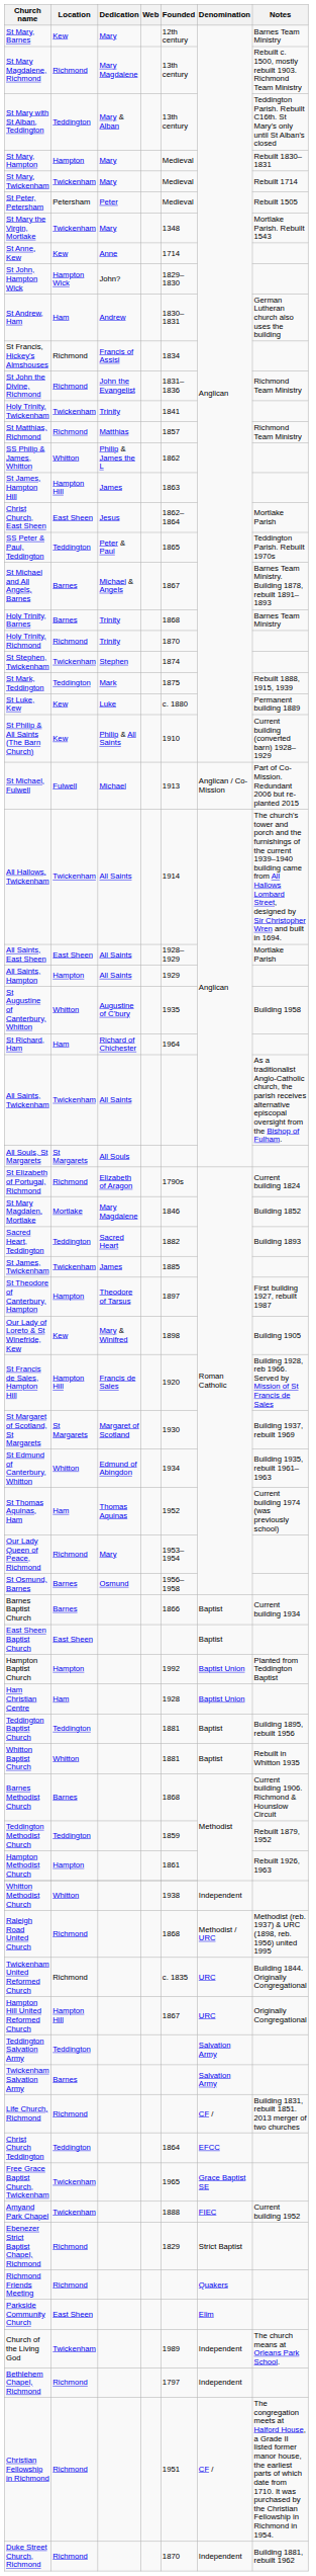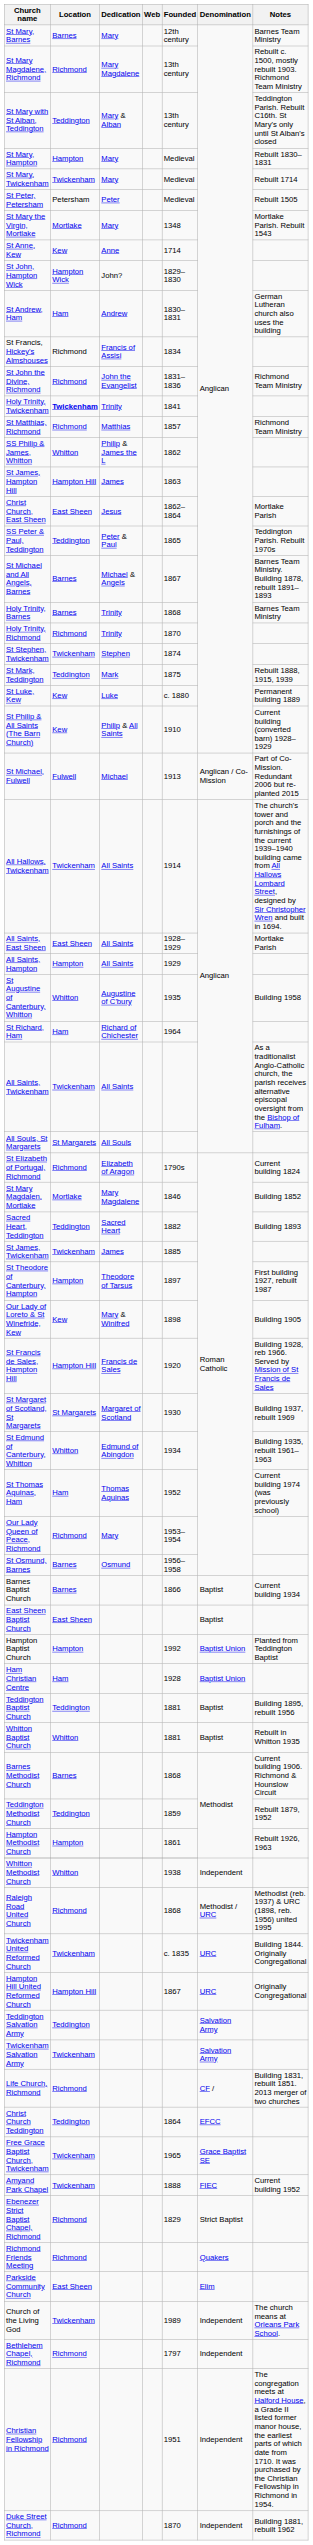 <table class="wikitable sortable">
 <tr>
 <th>Church name</th>
 <th>Location</th>
 <th>Dedication</th>
 <th>Web</th>
 <th>Founded</th>
 <th>Denomination</th>
 <th>Notes</th>
 </tr>
 <tr>
 <td><a href='#'>St Mary, Barnes</a></td>
-<td><a href='#'>Kew</a></td>
+<td><a href='#'>Barnes</a></td>
 <td><a href='#'>Mary</a></td>
 <td></td>
 <td>12th century</td>
 <td rowspan="25">Anglican</td>
 <td>Barnes Team Ministry</td>
 </tr>
 <tr>
 <td><a href='#'>St Mary Magdalene, Richmond</a></td>
 <td><a href='#'>Richmond</a></td>
 <td><a href='#'>Mary Magdalene</a></td>
 <td></td>
 <td>13th century</td>
 <td>Rebuilt c. 1500, mostly rebuilt 1903. Richmond Team Ministry</td>
 </tr>
 <tr>
 <td><a href='#'>St Mary with St Alban, Teddington</a></td>
 <td><a href='#'>Teddington</a></td>
 <td><a href='#'>Mary</a> & <a href='#'>Alban</a></td>
 <td></td>
 <td>13th century</td>
 <td>Teddington Parish. Rebuilt C16th. St Mary's only until St Alban's closed</td>
 </tr>
 <tr>
 <td><a href='#'>St Mary, Hampton</a></td>
 <td><a href='#'>Hampton</a></td>
 <td><a href='#'>Mary</a></td>
 <td></td>
 <td>Medieval</td>
 <td>Rebuilt 1830–1831</td>
 </tr>
 <tr>
 <td><a href='#'>St Mary, Twickenham</a></td>
 <td><a href='#'>Twickenham</a></td>
 <td><a href='#'>Mary</a></td>
 <td></td>
 <td>Medieval</td>
 <td>Rebuilt 1714</td>
 </tr>
 <tr>
 <td><a href='#'>St Peter, Petersham</a></td>
 <td>Petersham</td>
 <td><a href='#'>Peter</a></td>
 <td></td>
 <td>Medieval</td>
 <td>Rebuilt 1505</td>
 </tr>
 <tr>
 <td><a href='#'>St Mary the Virgin, Mortlake</a></td>
-<td><a href='#'>Twickenham</a></td>
+<td><a href='#'>Mortlake</a></td>
 <td><a href='#'>Mary</a></td>
 <td></td>
 <td>1348</td>
 <td>Mortlake Parish. Rebuilt 1543</td>
 </tr>
 <tr>
 <td><a href='#'>St Anne, Kew</a></td>
 <td><a href='#'>Kew</a></td>
 <td><a href='#'>Anne</a></td>
 <td></td>
 <td>1714</td>
 <td></td>
 </tr>
 <tr>
 <td><a href='#'>St John, Hampton Wick</a></td>
 <td><a href='#'>Hampton Wick</a></td>
 <td>John?</td>
 <td></td>
 <td>1829–1830</td>
 <td></td>
 </tr>
 <tr>
 <td><a href='#'>St Andrew, Ham</a></td>
 <td><a href='#'>Ham</a></td>
 <td><a href='#'>Andrew</a></td>
 <td></td>
 <td>1830–1831</td>
 <td>German Lutheran church also uses the building</td>
 </tr>
 <tr>
 <td>St Francis, <a href='#'>Hickey's Almshouses</a></td>
 <td>Richmond</td>
 <td><a href='#'>Francis of Assisi</a></td>
 <td></td>
 <td>1834</td>
 <td></td>
 </tr>
 <tr>
 <td><a href='#'>St John the Divine, Richmond</a></td>
 <td><a href='#'>Richmond</a></td>
 <td><a href='#'>John the Evangelist</a></td>
 <td></td>
 <td>1831–1836</td>
 <td>Richmond Team Ministry</td>
 </tr>
 <tr>
 <td><a href='#'>Holy Trinity, Twickenham</a></td>
-<td><a href='#'>Twickenham</a></td>
+<td><strong><a href='#'>Twickenham</a></strong></td>
 <td><a href='#'>Trinity</a></td>
 <td></td>
 <td>1841</td>
 <td></td>
 </tr>
 <tr>
 <td><a href='#'>St Matthias, Richmond</a></td>
 <td><a href='#'>Richmond</a></td>
 <td><a href='#'>Matthias</a></td>
 <td></td>
 <td>1857</td>
 <td>Richmond Team Ministry</td>
 </tr>
 <tr>
 <td><a href='#'>SS Philip & James, Whitton</a></td>
 <td><a href='#'>Whitton</a></td>
 <td><a href='#'>Philip</a> & <a href='#'>James the L</a></td>
 <td></td>
 <td>1862</td>
 <td></td>
 </tr>
 <tr>
 <td><a href='#'>St James, Hampton Hill</a></td>
 <td><a href='#'>Hampton Hill</a></td>
 <td><a href='#'>James</a></td>
 <td></td>
 <td>1863</td>
 <td></td>
 </tr>
 <tr>
 <td><a href='#'>Christ Church, East Sheen</a></td>
 <td><a href='#'>East Sheen</a></td>
 <td><a href='#'>Jesus</a></td>
 <td></td>
 <td>1862–1864</td>
 <td>Mortlake Parish</td>
 </tr>
 <tr>
 <td><a href='#'>SS Peter & Paul, Teddington</a></td>
 <td><a href='#'>Teddington</a></td>
 <td><a href='#'>Peter</a> & <a href='#'>Paul</a></td>
 <td></td>
 <td>1865</td>
 <td>Teddington Parish. Rebuilt 1970s</td>
 </tr>
 <tr>
 <td><a href='#'>St Michael and All Angels, Barnes</a></td>
 <td><a href='#'>Barnes</a></td>
 <td><a href='#'>Michael</a> & <a href='#'>Angels</a></td>
 <td></td>
 <td>1867</td>
 <td>Barnes Team Ministry. Building 1878, rebuilt 1891–1893</td>
 </tr>
 <tr>
 <td><a href='#'>Holy Trinity, Barnes</a></td>
 <td><a href='#'>Barnes</a></td>
 <td><a href='#'>Trinity</a></td>
 <td></td>
 <td>1868</td>
 <td>Barnes Team Ministry</td>
 </tr>
 <tr>
 <td><a href='#'>Holy Trinity, Richmond</a></td>
 <td><a href='#'>Richmond</a></td>
 <td><a href='#'>Trinity</a></td>
 <td></td>
 <td>1870</td>
 <td></td>
 </tr>
 <tr>
 <td><a href='#'>St Stephen, Twickenham</a></td>
 <td><a href='#'>Twickenham</a></td>
 <td><a href='#'>Stephen</a></td>
 <td></td>
 <td>1874</td>
 <td></td>
 </tr>
 <tr>
 <td><a href='#'>St Mark, Teddington</a></td>
 <td><a href='#'>Teddington</a></td>
 <td><a href='#'>Mark</a></td>
 <td></td>
 <td>1875</td>
 <td>Rebuilt 1888, 1915, 1939</td>
 </tr>
 <tr>
 <td><a href='#'>St Luke, Kew</a></td>
 <td><a href='#'>Kew</a></td>
 <td><a href='#'>Luke</a></td>
 <td></td>
 <td>c. 1880</td>
 <td>Permanent building 1889</td>
 </tr>
 <tr>
 <td><a href='#'>St Philip & All Saints (The Barn Church)</a></td>
 <td><a href='#'>Kew</a></td>
 <td><a href='#'>Philip</a> & <a href='#'>All Saints</a></td>
 <td></td>
 <td>1910</td>
 <td>Current building (converted barn) 1928–1929</td>
 </tr>
 <tr>
 <td><a href='#'>St Michael, Fulwell</a></td>
 <td><a href='#'>Fulwell</a></td>
 <td><a href='#'>Michael</a></td>
 <td></td>
 <td>1913</td>
 <td>Anglican / Co-Mission</td>
 <td>Part of Co-Mission. Redundant 2006 but re-planted 2015</td>
 </tr>
 <tr>
 <td><a href='#'>All Hallows, Twickenham</a></td>
 <td><a href='#'>Twickenham</a></td>
 <td><a href='#'>All Saints</a></td>
 <td></td>
 <td>1914</td>
 <td rowspan="7">Anglican</td>
 <td>The church's tower and porch and the furnishings of the current 1939–1940 building came from <a href='#'>All Hallows Lombard Street</a>, designed by <a href='#'>Sir Christopher Wren</a> and built in 1694.</td>
 </tr>
 <tr>
 <td><a href='#'>All Saints, East Sheen</a></td>
 <td><a href='#'>East Sheen</a></td>
 <td><a href='#'>All Saints</a></td>
 <td></td>
 <td>1928–1929</td>
 <td>Mortlake Parish</td>
 </tr>
 <tr>
 <td><a href='#'>All Saints, Hampton</a></td>
 <td><a href='#'>Hampton</a></td>
 <td><a href='#'>All Saints</a></td>
 <td></td>
 <td>1929</td>
 <td></td>
 </tr>
 <tr>
 <td><a href='#'>St Augustine of Canterbury, Whitton</a></td>
 <td><a href='#'>Whitton</a></td>
 <td><a href='#'>Augustine of C'bury</a></td>
 <td></td>
 <td>1935</td>
 <td>Building 1958</td>
 </tr>
 <tr>
 <td><a href='#'>St Richard, Ham</a></td>
 <td><a href='#'>Ham</a></td>
 <td><a href='#'>Richard of Chichester</a></td>
 <td></td>
 <td>1964</td>
 <td></td>
 </tr>
 <tr>
 <td><a href='#'>All Saints, Twickenham</a></td>
 <td><a href='#'>Twickenham</a></td>
 <td><a href='#'>All Saints</a></td>
 <td></td>
 <td></td>
 <td>As a traditionalist Anglo-Catholic church, the parish receives alternative episcopal oversight from the <a href='#'>Bishop of Fulham</a>.</td>
 </tr>
 <tr>
 <td><a href='#'>All Souls, St Margarets</a></td>
 <td><a href='#'>St Margarets</a></td>
 <td><a href='#'>All Souls</a></td>
 <td></td>
 <td></td>
 <td></td>
 </tr>
 <tr>
 <td><a href='#'>St Elizabeth of Portugal, Richmond</a></td>
 <td><a href='#'>Richmond</a></td>
 <td><a href='#'>Elizabeth of Aragon</a></td>
 <td></td>
 <td>1790s</td>
 <td rowspan="12">Roman Catholic</td>
 <td>Current building 1824</td>
 </tr>
 <tr>
 <td><a href='#'>St Mary Magdalen, Mortlake</a></td>
 <td><a href='#'>Mortlake</a></td>
 <td><a href='#'>Mary Magdalene</a></td>
 <td></td>
 <td>1846</td>
 <td>Building 1852</td>
 </tr>
 <tr>
 <td><a href='#'>Sacred Heart, Teddington</a></td>
 <td><a href='#'>Teddington</a></td>
 <td><a href='#'>Sacred Heart</a></td>
 <td></td>
 <td>1882</td>
 <td>Building 1893</td>
 </tr>
 <tr>
 <td><a href='#'>St James, Twickenham</a></td>
 <td><a href='#'>Twickenham</a></td>
 <td><a href='#'>James</a></td>
 <td></td>
 <td>1885</td>
 <td></td>
 </tr>
 <tr>
 <td><a href='#'>St Theodore of Canterbury, Hampton</a></td>
 <td><a href='#'>Hampton</a></td>
 <td><a href='#'>Theodore of Tarsus</a></td>
 <td></td>
 <td>1897</td>
 <td>First building 1927, rebuilt 1987</td>
 </tr>
 <tr>
 <td><a href='#'>Our Lady of Loreto & St Winefride, Kew</a></td>
 <td><a href='#'>Kew</a></td>
 <td><a href='#'>Mary</a> & <a href='#'>Winifred</a></td>
 <td></td>
 <td>1898</td>
 <td>Building 1905</td>
 </tr>
 <tr>
 <td><a href='#'>St Francis de Sales, Hampton Hill</a></td>
 <td><a href='#'>Hampton Hill</a></td>
 <td><a href='#'>Francis de Sales</a></td>
 <td></td>
 <td>1920</td>
 <td>Building 1928, reb 1966. Served by <a href='#'>Mission of St Francis de Sales</a></td>
 </tr>
 <tr>
 <td><a href='#'>St Margaret of Scotland, St Margarets</a></td>
 <td><a href='#'>St Margarets</a></td>
 <td><a href='#'>Margaret of Scotland</a></td>
 <td></td>
 <td>1930</td>
 <td>Building 1937, rebuilt 1969</td>
 </tr>
 <tr>
 <td><a href='#'>St Edmund of Canterbury, Whitton</a></td>
 <td><a href='#'>Whitton</a></td>
 <td><a href='#'>Edmund of Abingdon</a></td>
 <td></td>
 <td>1934</td>
 <td>Building 1935, rebuilt 1961–1963</td>
 </tr>
 <tr>
 <td><a href='#'>St Thomas Aquinas, Ham</a></td>
 <td><a href='#'>Ham</a></td>
 <td><a href='#'>Thomas Aquinas</a></td>
 <td></td>
 <td>1952</td>
 <td>Current building 1974 (was previously school)</td>
 </tr>
 <tr>
 <td><a href='#'>Our Lady Queen of Peace, Richmond</a></td>
 <td><a href='#'>Richmond</a></td>
 <td><a href='#'>Mary</a></td>
 <td></td>
 <td>1953–1954</td>
 <td></td>
 </tr>
 <tr>
 <td><a href='#'>St Osmund, Barnes</a></td>
 <td><a href='#'>Barnes</a></td>
 <td><a href='#'>Osmund</a></td>
 <td></td>
 <td>1956–1958</td>
 <td></td>
 </tr>
 <tr>
 <td>Barnes Baptist Church</td>
 <td><a href='#'>Barnes</a></td>
 <td></td>
 <td></td>
 <td>1866</td>
 <td>Baptist</td>
 <td>Current building 1934</td>
 </tr>
 <tr>
 <td><a href='#'>East Sheen Baptist Church</a></td>
 <td><a href='#'>East Sheen</a></td>
 <td></td>
 <td></td>
 <td></td>
 <td>Baptist</td>
 <td></td>
 </tr>
 <tr>
 <td>Hampton Baptist Church</td>
 <td><a href='#'>Hampton</a></td>
 <td></td>
 <td></td>
 <td>1992</td>
 <td><a href='#'>Baptist Union</a></td>
 <td>Planted from Teddington Baptist</td>
 </tr>
 <tr>
 <td><a href='#'>Ham Christian Centre</a></td>
 <td><a href='#'>Ham</a></td>
 <td></td>
 <td></td>
 <td>1928</td>
 <td><a href='#'>Baptist Union</a></td>
 <td></td>
 </tr>
 <tr>
 <td><a href='#'>Teddington Baptist Church</a></td>
 <td><a href='#'>Teddington</a></td>
 <td></td>
 <td></td>
 <td>1881</td>
 <td>Baptist</td>
 <td>Building 1895, rebuilt 1956</td>
 </tr>
 <tr>
 <td><a href='#'>Whitton Baptist Church</a></td>
 <td><a href='#'>Whitton</a></td>
 <td></td>
 <td></td>
 <td>1881</td>
 <td>Baptist</td>
 <td>Rebuilt in Whitton 1935</td>
 </tr>
 <tr>
 <td><a href='#'>Barnes Methodist Church</a></td>
 <td><a href='#'>Barnes</a></td>
 <td></td>
 <td></td>
 <td>1868</td>
 <td rowspan="4">Methodist</td>
 <td>Current building 1906. Richmond & Hounslow Circuit</td>
 </tr>
 <tr>
 <td><a href='#'>Teddington Methodist Church</a></td>
 <td><a href='#'>Teddington</a></td>
 <td></td>
 <td></td>
 <td>1859</td>
 <td>Rebuilt 1879, 1952</td>
 </tr>
 <tr>
 <td><a href='#'>Hampton Methodist Church</a></td>
 <td><a href='#'>Hampton</a></td>
 <td></td>
 <td></td>
 <td>1861</td>
 <td>Rebuilt 1926, 1963</td>
 </tr>
 <tr>
 </tr>
 <tr>
 <td><a href='#'>Whitton Methodist Church</a></td>
 <td><a href='#'>Whitton</a></td>
 <td></td>
 <td></td>
 <td>1938</td>
 <td>Independent</td>
 </tr>
 <tr>
 <td><a href='#'>Raleigh Road United Church</a></td>
 <td><a href='#'>Richmond</a></td>
 <td></td>
 <td></td>
 <td>1868</td>
 <td>Methodist / <a href='#'>URC</a></td>
 <td>Methodist (reb. 1937) & URC (1898, reb. 1956) united 1995</td>
 </tr>
 <tr>
 <td><a href='#'>Twickenham United Reformed Church</a></td>
-<td>Richmond</td>
+<td><a href='#'>Twickenham</a></td>
 <td></td>
 <td></td>
 <td>c. 1835</td>
 <td><a href='#'>URC</a></td>
 <td>Building 1844. Originally Congregational</td>
 </tr>
 <tr>
 <td><a href='#'>Hampton Hill United Reformed Church</a></td>
 <td><a href='#'>Hampton Hill</a></td>
 <td></td>
 <td></td>
 <td>1867</td>
 <td><a href='#'>URC</a></td>
 <td>Originally Congregational</td>
 </tr>
 <tr>
 <td><a href='#'>Teddington Salvation Army</a></td>
 <td><a href='#'>Teddington</a></td>
 <td></td>
 <td></td>
 <td></td>
 <td><a href='#'>Salvation Army</a></td>
 <td></td>
 </tr>
 <tr>
 <td><a href='#'>Twickenham Salvation Army</a></td>
-<td><a href='#'>Barnes</a></td>
+<td><a href='#'>Twickenham</a></td>
 <td></td>
 <td></td>
 <td></td>
 <td><a href='#'>Salvation Army</a></td>
 <td></td>
 </tr>
 <tr>
 <td><a href='#'>Life Church, Richmond</a></td>
 <td><a href='#'>Richmond</a></td>
 <td></td>
 <td></td>
 <td></td>
 <td><a href='#'>CF</a> / </td>
 <td>Building 1831, rebuilt 1851. 2013 merger of two churches</td>
 </tr>
 <tr>
 <td><a href='#'>Christ Church Teddington</a></td>
 <td><a href='#'>Teddington</a></td>
 <td></td>
 <td></td>
 <td>1864</td>
 <td><a href='#'>EFCC</a></td>
 <td></td>
 </tr>
 <tr>
 <td><a href='#'>Free Grace Baptist Church, Twickenham</a></td>
 <td><a href='#'>Twickenham</a></td>
 <td></td>
 <td></td>
 <td>1965</td>
 <td><a href='#'>Grace Baptist SE</a></td>
 <td></td>
 </tr>
 <tr>
 <td><a href='#'>Amyand Park Chapel</a></td>
 <td><a href='#'>Twickenham</a></td>
 <td></td>
 <td></td>
 <td>1888</td>
 <td><a href='#'>FIEC</a></td>
 <td>Current building 1952</td>
 </tr>
 <tr>
 <td><a href='#'>Ebenezer Strict Baptist Chapel, Richmond</a></td>
 <td><a href='#'>Richmond</a></td>
 <td></td>
 <td></td>
 <td>1829</td>
 <td>Strict Baptist</td>
 <td></td>
 </tr>
 <tr>
 <td><a href='#'>Richmond Friends Meeting</a></td>
 <td><a href='#'>Richmond</a></td>
 <td></td>
 <td></td>
 <td></td>
 <td><a href='#'>Quakers</a></td>
 <td></td>
 </tr>
 <tr>
 <td><a href='#'>Parkside Community Church</a></td>
 <td><a href='#'>East Sheen</a></td>
 <td></td>
 <td></td>
 <td></td>
 <td><a href='#'>Elim</a></td>
 <td></td>
 </tr>
 <tr>
 <td>Church of the Living God</td>
 <td><a href='#'>Twickenham</a></td>
 <td></td>
 <td></td>
 <td>1989</td>
 <td>Independent</td>
 <td>The church means at <a href='#'>Orleans Park School</a>.</td>
 </tr>
 <tr>
 <td><a href='#'>Bethlehem Chapel, Richmond</a></td>
 <td><a href='#'>Richmond</a></td>
 <td></td>
 <td></td>
 <td>1797</td>
 <td>Independent</td>
 <td></td>
 </tr>
 <tr>
 <td><a href='#'>Christian Fellowship in Richmond</a></td>
 <td><a href='#'>Richmond</a></td>
 <td></td>
 <td></td>
 <td>1951</td>
-<td><a href='#'>CF</a> / </td>
+<td>Independent</td>
 <td>The congregation meets at <a href='#'>Halford House</a>, a Grade II listed former manor house, the earliest parts of which date from 1710. It was purchased by the Christian Fellowship in Richmond in 1954.</td>
 </tr>
 <tr>
 <td><a href='#'>Duke Street Church, Richmond</a></td>
 <td><a href='#'>Richmond</a></td>
 <td></td>
 <td></td>
 <td>1870</td>
 <td>Independent</td>
 <td>Building 1881, rebuilt 1962</td>
 </tr>
 </table>
